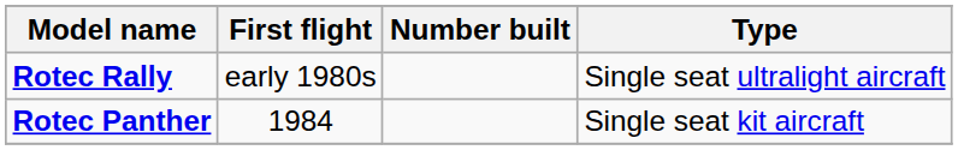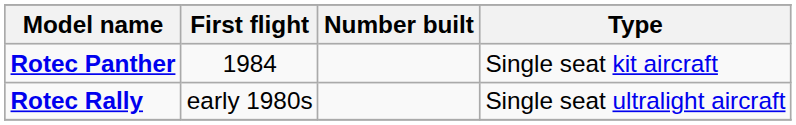 <table class="wikitable" align=center style="font-size:90%;">
 <tr>
 </tr>
 <tr style="background:#efefef;">
 <th>Model name</th>
 <th>First flight</th>
 <th>Number built</th>
 <th>Type</th>
 </tr>
 <tr>
+<td align=left><strong><a href='#'>Rotec Panther</a></strong></td>
+<td align=center>1984</td>
+<td align=center></td>
+<td align=left>Single seat <a href='#'>kit aircraft</a></td>
+</tr>
+<tr>
 <td align=left><strong><a href='#'>Rotec Rally</a></strong></td>
 <td align=center>early 1980s</td>
 <td align=center></td>
 <td align=left>Single seat <a href='#'>ultralight aircraft</a></td>
 </tr>
 <tr>
-<td align=left><strong><a href='#'>Rotec Panther</a></strong></td>
-<td align=center>1984</td>
-<td align=center></td>
-<td align=left>Single seat <a href='#'>kit aircraft</a></td>
-</tr>
-<tr>
 </tr>
 </table>
